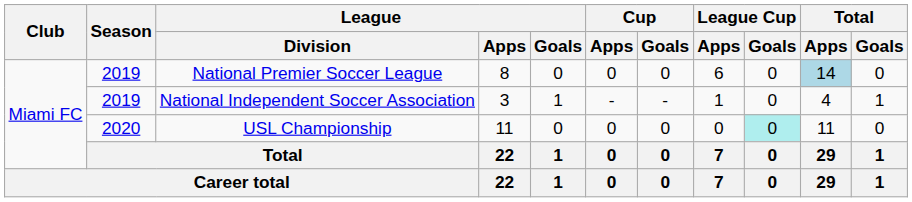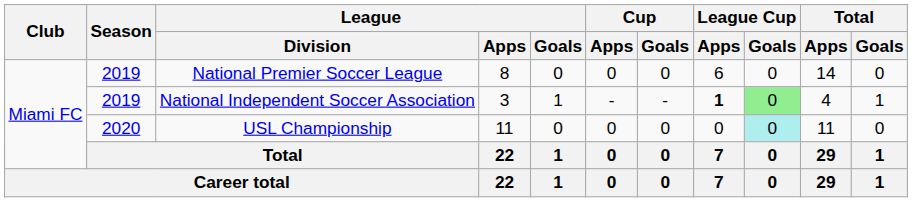 <table class="wikitable" style="text-align: center;">
 <tr>
 <th rowspan="2">Club</th>
 <th rowspan="2">Season</th>
 <th colspan="3">League</th>
 <th colspan="2">Cup</th>
 <th colspan="2">League Cup</th>
 <th colspan="2">Total</th>
 </tr>
 <tr>
 <th>Division</th>
 <th>Apps</th>
 <th>Goals</th>
 <th>Apps</th>
 <th>Goals</th>
 <th>Apps</th>
 <th>Goals</th>
 <th>Apps</th>
 <th>Goals</th>
 </tr>
 <tr>
 <td rowspan="4"><a href='#'>Miami FC</a></td>
 <td><a href='#'>2019</a></td>
 <td><a href='#'>National Premier Soccer League</a></td>
 <td>8</td>
 <td>0</td>
 <td>0</td>
 <td>0</td>
 <td>6</td>
 <td>0</td>
-<td style="background: lightblue;">14</td>
+<td>14</td>
 <td>0</td>
 </tr>
 <tr>
 <td><a href='#'>2019</a></td>
 <td><a href='#'>National Independent Soccer Association</a></td>
 <td>3</td>
 <td>1</td>
 <td>-</td>
 <td>-</td>
-<td>1</td>
-<td>0</td>
+<td><strong>1</strong></td>
+<td style="background: lightgreen;">0</td>
 <td>4</td>
 <td>1</td>
 </tr>
 <tr>
 <td><a href='#'>2020</a></td>
 <td><a href='#'>USL Championship</a></td>
 <td>11</td>
 <td>0</td>
 <td>0</td>
 <td>0</td>
 <td>0</td>
 <td style="background: paleturquoise;">0</td>
 <td>11</td>
 <td>0</td>
 </tr>
 <tr>
 <th colspan="2">Total</th>
 <th>22</th>
 <th>1</th>
 <th>0</th>
 <th>0</th>
 <th>7</th>
 <th>0</th>
 <th>29</th>
 <th>1</th>
 </tr>
 <tr>
 <th colspan="3">Career total</th>
 <th>22</th>
 <th>1</th>
 <th>0</th>
 <th>0</th>
 <th>7</th>
 <th>0</th>
 <th>29</th>
 <th>1</th>
 </tr>
 </table>
